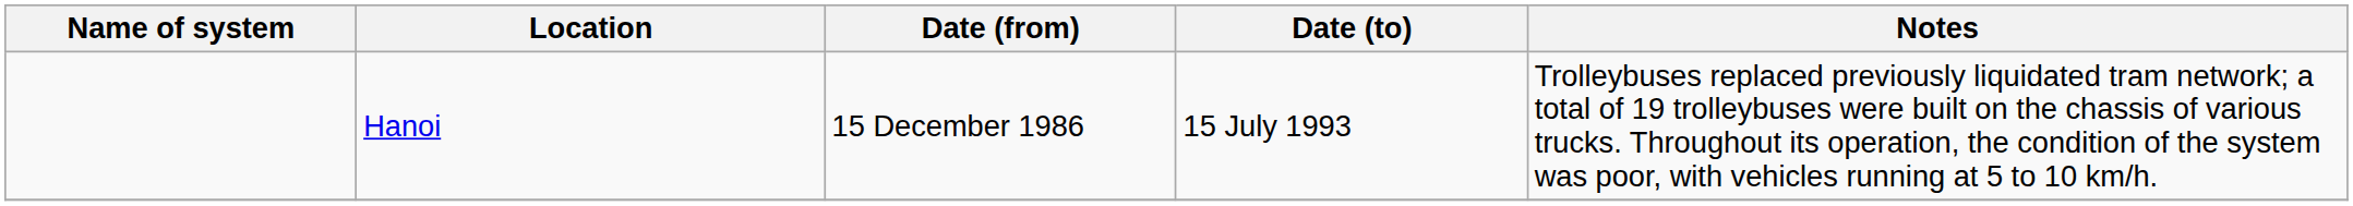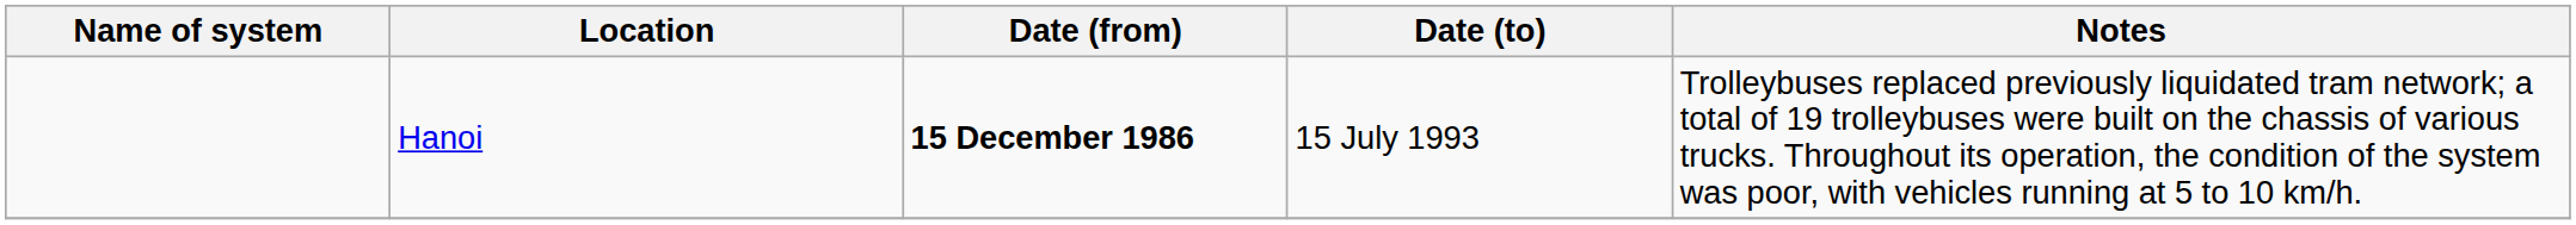 <table class="wikitable" width=100%>
 <tr>
 <th width=15%>Name of system</th>
 <th width=20%>Location</th>
 <th width=15%>Date (from)</th>
 <th width=15%>Date (to)</th>
 <th width=35%>Notes</th>
 </tr>
 <tr>
 <td> </td>
 <td><a href='#'>Hanoi</a></td>
-<td>15 December 1986</td>
+<td><strong>15 December 1986</strong></td>
 <td>15 July 1993</td>
 <td>Trolleybuses replaced previously liquidated tram network; a total of 19 trolleybuses were built on the chassis of various trucks. Throughout its operation, the condition of the system was poor, with vehicles running at 5 to 10 km/h.</td>
 </tr>
 <tr>
 </tr>
 </table>
